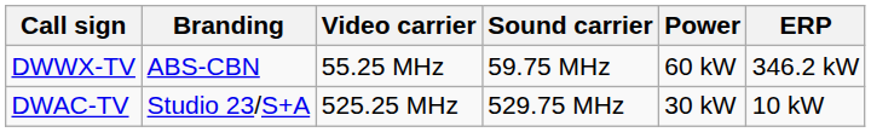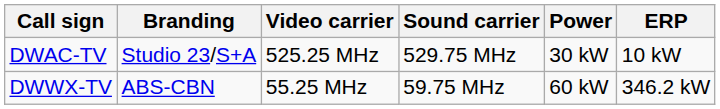 <table class="wikitable sortable">
 <tr>
 <th>Call sign</th>
 <th>Branding</th>
 <th>Video carrier</th>
 <th>Sound carrier</th>
 <th>Power</th>
 <th>ERP</th>
 </tr>
 <tr>
+<td><a href='#'>DWAC-TV</a></td>
+<td><a href='#'>Studio 23</a>/<a href='#'>S+A</a></td>
+<td>525.25 MHz</td>
+<td>529.75 MHz</td>
+<td>30 kW</td>
+<td>10 kW</td>
+</tr>
+<tr>
 <td><a href='#'>DWWX-TV</a></td>
 <td><a href='#'>ABS-CBN</a></td>
 <td>55.25 MHz</td>
 <td>59.75 MHz</td>
 <td>60 kW</td>
 <td>346.2 kW</td>
 </tr>
-<tr>
-<td><a href='#'>DWAC-TV</a></td>
-<td><a href='#'>Studio 23</a>/<a href='#'>S+A</a></td>
-<td>525.25 MHz</td>
-<td>529.75 MHz</td>
-<td>30 kW</td>
-<td>10 kW</td>
-</tr>
 </table>
